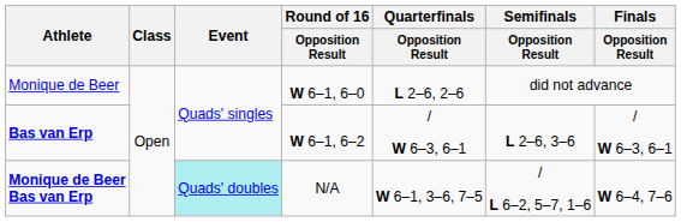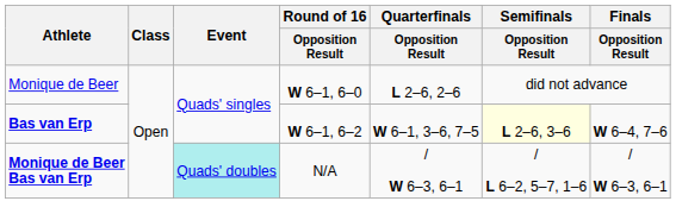 <table class=wikitable style="font-size:90%">
 <tr>
 <th rowspan="2">Athlete</th>
 <th rowspan="2">Class</th>
 <th rowspan="2">Event</th>
 <th>Round of 16</th>
 <th>Quarterfinals</th>
 <th>Semifinals</th>
 <th>Finals</th>
 </tr>
 <tr>
 <th style="line-height:1em"><small>Opposition<br>Result</small></th>
 <th style="line-height:1em"><small>Opposition<br>Result</small></th>
 <th style="line-height:1em"><small>Opposition<br>Result</small></th>
 <th style="line-height:1em"><small>Opposition<br>Result</small></th>
 </tr>
 <tr>
 <td><a href='#'>Monique de Beer</a></td>
 <td rowspan="3" style="text-align:center;">Open</td>
 <td rowspan="2"><a href='#'>Quads' singles</a></td>
 <td style="text-align:center;"><br><strong>W</strong> 6–1, 6–0</td>
 <td style="text-align:center;"><br><strong>L</strong> 2–6, 2–6</td>
 <td style="text-align:center;" colspan="2">did not advance</td>
 </tr>
 <tr>
 <td><strong><a href='#'>Bas van Erp</a></strong></td>
 <td style="text-align:center;"><br><strong>W</strong> 6–1, 6–2</td>
-<td style="text-align:center;"> /<br> <br><strong>W</strong> 6–3, 6–1</td>
-<td style="text-align:center;"><br><strong>L</strong> 2–6, 3–6</td>
-<td style="text-align:center;"> /<br> <br><strong>W</strong> 6–3, 6–1 </td>
+<td style="text-align:center;"><br><strong>W</strong> 6–1, 3–6, 7–5</td>
+<td style="background: lightyellow; text-align:center;"><br><strong>L</strong> 2–6, 3–6</td>
+<td style="text-align:center;"><br><strong>W</strong> 6–4, 7–6 </td>
 </tr>
 <tr>
 <td><strong><a href='#'>Monique de Beer</a></strong><br> <strong><a href='#'>Bas van Erp</a></strong></td>
 <td style="background: paleturquoise;"><a href='#'>Quads' doubles</a></td>
 <td style="text-align:center;">N/A</td>
-<td style="text-align:center;"><br><strong>W</strong> 6–1, 3–6, 7–5</td>
+<td style="text-align:center;"> /<br> <br><strong>W</strong> 6–3, 6–1</td>
 <td style="text-align:center;"> /<br> <br><strong>L</strong> 6–2, 5–7, 1–6</td>
-<td style="text-align:center;"><br><strong>W</strong> 6–4, 7–6 </td>
+<td style="text-align:center;"> /<br> <br><strong>W</strong> 6–3, 6–1 </td>
 </tr>
 </table>
